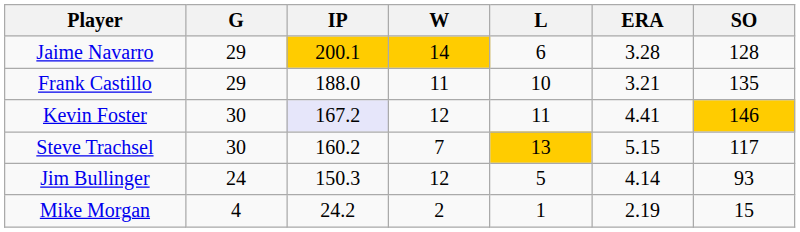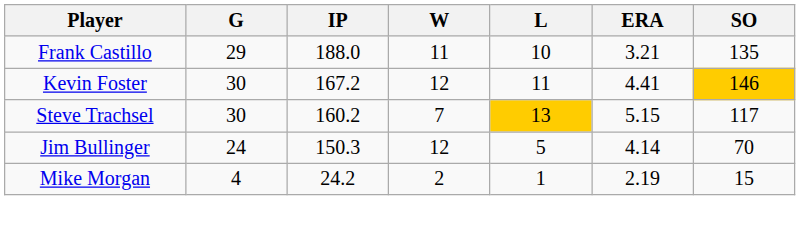 <table class="wikitable sortable">
 <tr>
 <th bgcolor="#DDDDFF" width="16%">Player</th>
 <th bgcolor="#DDDDFF" width="9%">G</th>
 <th bgcolor="#DDDDFF" width="9%">IP</th>
 <th bgcolor="#DDDDFF" width="9%">W</th>
 <th bgcolor="#DDDDFF" width="9%">L</th>
 <th bgcolor="#DDDDFF" width="9%">ERA</th>
 <th bgcolor="#DDDDFF" width="9%">SO</th>
-</tr>
-<tr align="center">
-<td><a href='#'>Jaime Navarro</a></td>
-<td>29</td>
-<td style="background:#fc0;">200.1</td>
-<td style="background:#fc0;">14</td>
-<td>6</td>
-<td>3.28</td>
-<td>128</td>
 </tr>
 <tr align=center>
 <td><a href='#'>Frank Castillo</a></td>
 <td>29</td>
 <td>188.0</td>
 <td>11</td>
 <td>10</td>
 <td>3.21</td>
 <td>135</td>
 </tr>
 <tr align=center>
 <td><a href='#'>Kevin Foster</a></td>
 <td>30</td>
-<td style="background: lavender;">167.2</td>
+<td>167.2</td>
 <td>12</td>
 <td>11</td>
 <td>4.41</td>
 <td style="background:#fc0;">146</td>
 </tr>
 <tr align=center>
 <td><a href='#'>Steve Trachsel</a></td>
 <td>30</td>
 <td>160.2</td>
 <td>7</td>
 <td style="background:#fc0;">13</td>
 <td>5.15</td>
 <td>117</td>
 </tr>
 <tr align=center>
 <td><a href='#'>Jim Bullinger</a></td>
 <td>24</td>
 <td>150.3</td>
 <td>12</td>
 <td>5</td>
 <td>4.14</td>
-<td>93</td>
+<td>70</td>
 </tr>
 <tr align=center>
 <td><a href='#'>Mike Morgan</a></td>
 <td>4</td>
 <td>24.2</td>
 <td>2</td>
 <td>1</td>
 <td>2.19</td>
 <td>15</td>
 </tr>
 </table>
